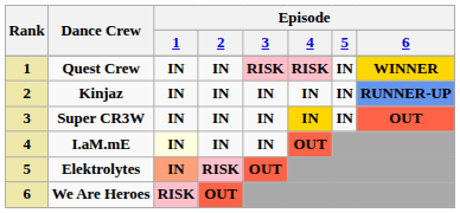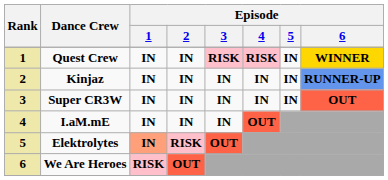 <table class="wikitable" style="text-align:center; font-size:85%">
 <tr>
 <th rowspan=2>Rank</th>
 <th rowspan=2>Dance Crew</th>
 <th colspan="18" style="text-align:center;">Episode</th>
 </tr>
 <tr>
 <th><a href='#'>1</a></th>
 <th><a href='#'>2</a></th>
 <th><a href='#'>3</a></th>
 <th><a href='#'>4</a></th>
 <th><a href='#'>5</a></th>
 <th><a href='#'>6</a></th>
 </tr>
 <tr>
 </tr>
 <tr>
 <td bgcolor="palegoldenrod"><strong>1</strong></td>
 <td><strong>Quest Crew</strong></td>
 <td><strong>IN</strong></td>
 <td><strong>IN</strong></td>
 <td style="background:pink;"><strong>RISK</strong></td>
 <td style="background:pink;"><strong>RISK</strong></td>
 <td><strong>IN</strong></td>
 <td style="background:gold;"><strong>WINNER</strong></td>
 </tr>
 <tr>
 <td bgcolor="palegoldenrod"><strong>2</strong></td>
 <td><strong>Kinjaz</strong></td>
 <td><strong>IN</strong></td>
 <td><strong>IN</strong></td>
 <td><strong>IN</strong></td>
 <td><strong>IN</strong></td>
 <td><strong>IN</strong></td>
 <td style="background:cornflowerblue;"><strong>RUNNER-UP</strong></td>
 </tr>
 <tr>
 <td bgcolor="palegoldenrod"><strong>3</strong></td>
 <td><strong>Super CR3W</strong></td>
 <td><strong>IN</strong></td>
 <td><strong>IN</strong></td>
 <td><strong>IN</strong></td>
-<td style="background: gold;"><strong>IN</strong></td>
+<td><strong>IN</strong></td>
 <td><strong>IN</strong></td>
 <td style="background:tomato;"><strong>OUT</strong></td>
 </tr>
 <tr>
 <td bgcolor="palegoldenrod"><strong>4</strong></td>
 <td><strong>I.aM.mE</strong></td>
-<td style="background: lightyellow;"><strong>IN</strong></td>
+<td><strong>IN</strong></td>
 <td><strong>IN</strong></td>
 <td><strong>IN</strong></td>
 <td style="background:tomato;"><strong>OUT</strong></td>
 <td style="background:darkgrey;" colspan="2"></td>
 </tr>
 <tr>
 <td bgcolor="palegoldenrod"><strong>5</strong></td>
 <td><strong>Elektrolytes</strong></td>
 <td style="background: lightsalmon;"><strong>IN</strong></td>
 <td style="background:pink;"><strong>RISK</strong></td>
 <td style="background:tomato;"><strong>OUT</strong></td>
 <td style="background:darkgrey;" colspan="3"></td>
 </tr>
 <tr>
 <td bgcolor="palegoldenrod"><strong>6</strong></td>
 <td><strong>We Are Heroes</strong></td>
 <td style="background:pink;"><strong>RISK</strong></td>
 <td style="background:tomato;"><strong>OUT</strong></td>
 <td style="background:darkgrey;" colspan="4"></td>
 </tr>
 <tr>
 </tr>
 </table>
